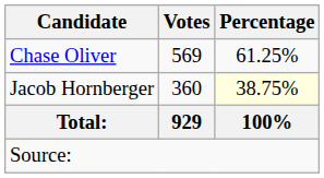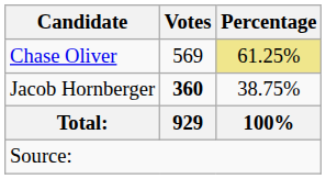 <table class="wikitable sortable tpl-blanktable" style="font-size:90%;text-align:center;">
 <tr>
 <th rowspan="2">Candidate</th>
 <th rowspan="2">Votes</th>
 <th rowspan="2">Percentage</th>
 </tr>
 <tr>
 </tr>
 <tr>
 <td style="text-align:left;"><a href='#'>Chase Oliver</a></td>
 <td>569</td>
-<td>61.25%</td>
+<td style="background: khaki;">61.25%</td>
 </tr>
 <tr>
 <td style="text-align:left;">Jacob Hornberger</td>
-<td>360</td>
-<td style="background: lightyellow;">38.75%</td>
+<td><strong>360</strong></td>
+<td>38.75%</td>
 </tr>
 <tr style="background:#eee;">
 <th>Total:</th>
 <th>929</th>
 <th>100%</th>
 </tr>
 <tr>
 <td colspan="6" style="text-align:left;">Source:</td>
 </tr>
 </table>
